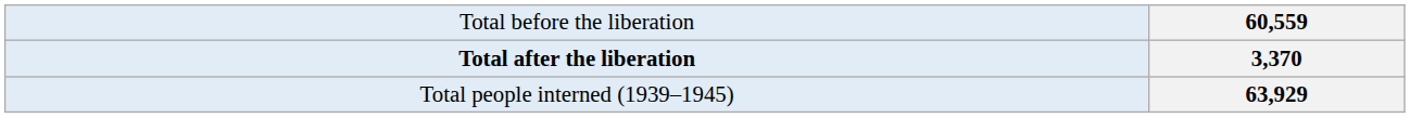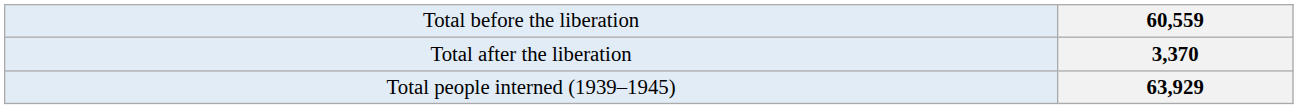 <table class="wikitable" width="50%">
 <tr align="center" bgcolor="#e1ecf7">
 <td>Total before the liberation</td>
 <th>60,559</th>
 </tr>
 <tr align="center" bgcolor="#e1ecf7">
-<td><strong>Total after the liberation</strong></td>
+<td>Total after the liberation</td>
 <th>3,370</th>
 </tr>
 <tr align="center" bgcolor="#e1ecf7">
 <td>Total people interned (1939–1945)</td>
 <th>63,929</th>
 </tr>
 </table>
